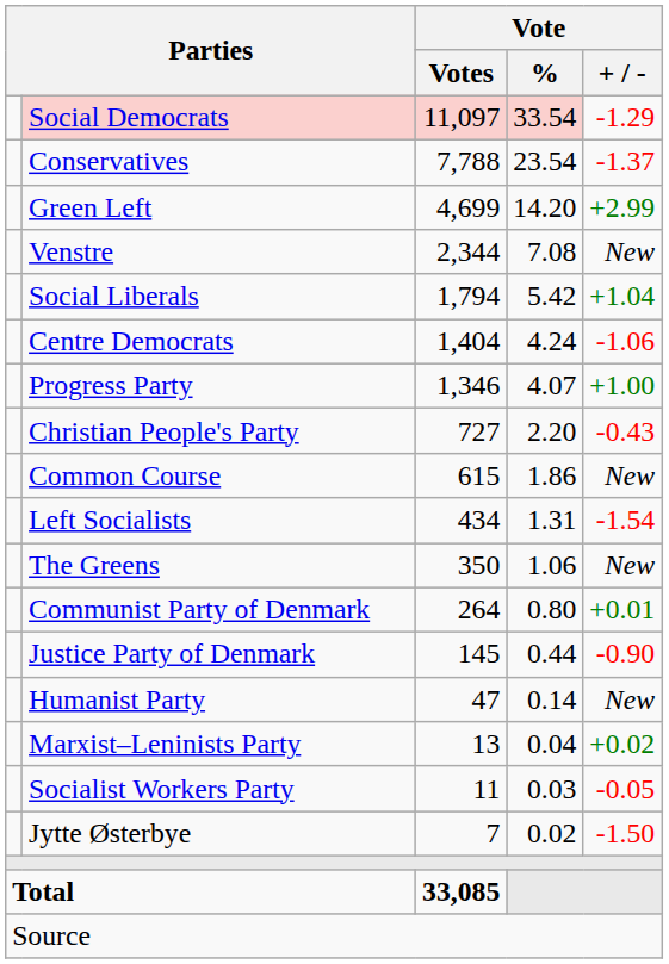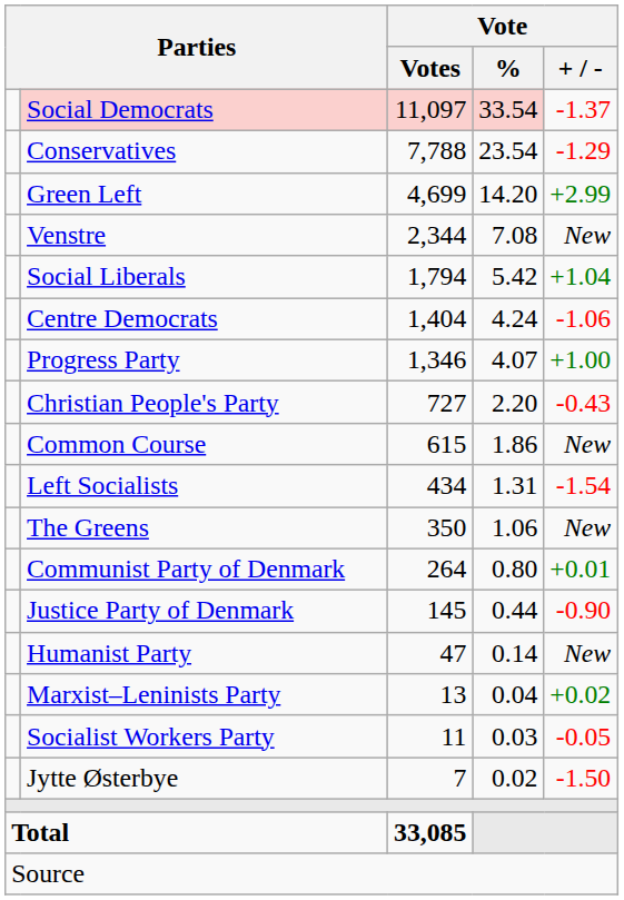 <table class="wikitable" style="text-align:right;">
 <tr>
 <th style="text-align:centre;" rowspan="2" colspan="2" width="225">Parties</th>
 <th colspan="3">Vote</th>
 </tr>
 <tr>
 <th width="15">Votes</th>
 <th width="15">%</th>
 <th width="15">+ / -</th>
 </tr>
 <tr>
 <td width="2" style="color:inherit;background:"></td>
 <td bgcolor=#fbd0ce  align="left"><a href='#'>Social Democrats</a></td>
 <td bgcolor=#fbd0ce>11,097</td>
 <td bgcolor=#fbd0ce>33.54</td>
-<td style=color:red;>-1.29</td>
+<td style=color:red;>-1.37</td>
 </tr>
 <tr>
 <td width="2" style="color:inherit;background:"></td>
 <td align="left"><a href='#'>Conservatives</a></td>
 <td>7,788</td>
 <td>23.54</td>
-<td style=color:red;>-1.37</td>
+<td style=color:red;>-1.29</td>
 </tr>
 <tr>
 <td width="2" style="color:inherit;background:"></td>
 <td align="left"><a href='#'>Green Left</a></td>
 <td>4,699</td>
 <td>14.20</td>
 <td style=color:green;>+2.99</td>
 </tr>
 <tr>
 <td width="2" style="color:inherit;background:"></td>
 <td align="left"><a href='#'>Venstre</a></td>
 <td>2,344</td>
 <td>7.08</td>
 <td><em>New</em></td>
 </tr>
 <tr>
 <td width="2" style="color:inherit;background:"></td>
 <td align="left"><a href='#'>Social Liberals</a></td>
 <td>1,794</td>
 <td>5.42</td>
 <td style=color:green;>+1.04</td>
 </tr>
 <tr>
 <td width="2" style="color:inherit;background:"></td>
 <td align="left"><a href='#'>Centre Democrats</a></td>
 <td>1,404</td>
 <td>4.24</td>
 <td style=color:red;>-1.06</td>
 </tr>
 <tr>
 <td width="2" style="color:inherit;background:"></td>
 <td align="left"><a href='#'>Progress Party</a></td>
 <td>1,346</td>
 <td>4.07</td>
 <td style=color:green;>+1.00</td>
 </tr>
 <tr>
 <td width="2" style="color:inherit;background:"></td>
 <td align="left"><a href='#'>Christian People's Party</a></td>
 <td>727</td>
 <td>2.20</td>
 <td style=color:red;>-0.43</td>
 </tr>
 <tr>
 <td width="2" style="color:inherit;background:"></td>
 <td align="left"><a href='#'>Common Course</a></td>
 <td>615</td>
 <td>1.86</td>
 <td><em>New</em></td>
 </tr>
 <tr>
 <td width="2" style="color:inherit;background:"></td>
 <td align="left"><a href='#'>Left Socialists</a></td>
 <td>434</td>
 <td>1.31</td>
 <td style=color:red;>-1.54</td>
 </tr>
 <tr>
 <td width="2" style="color:inherit;background:"></td>
 <td align="left"><a href='#'>The Greens</a></td>
 <td>350</td>
 <td>1.06</td>
 <td><em>New</em></td>
 </tr>
 <tr>
 <td width="2" style="color:inherit;background:"></td>
 <td align="left"><a href='#'>Communist Party of Denmark</a></td>
 <td>264</td>
 <td>0.80</td>
 <td style=color:green;>+0.01</td>
 </tr>
 <tr>
 <td width="2" style="color:inherit;background:"></td>
 <td align="left"><a href='#'>Justice Party of Denmark</a></td>
 <td>145</td>
 <td>0.44</td>
 <td style=color:red;>-0.90</td>
 </tr>
 <tr>
 <td width="2" style="color:inherit;background:"></td>
 <td align="left"><a href='#'>Humanist Party</a></td>
 <td>47</td>
 <td>0.14</td>
 <td><em>New</em></td>
 </tr>
 <tr>
 <td width="2" style="color:inherit;background:"></td>
 <td align="left"><a href='#'>Marxist–Leninists Party</a></td>
 <td>13</td>
 <td>0.04</td>
 <td style=color:green;>+0.02</td>
 </tr>
 <tr>
 <td width="2" style="color:inherit;background:"></td>
 <td align="left"><a href='#'>Socialist Workers Party</a></td>
 <td>11</td>
 <td>0.03</td>
 <td style=color:red;>-0.05</td>
 </tr>
 <tr>
 <td width="2" style="color:inherit;background:"></td>
 <td align="left">Jytte Østerbye</td>
 <td>7</td>
 <td>0.02</td>
 <td style=color:red;>-1.50</td>
 </tr>
 <tr>
 <td colspan="7" bgcolor="#E9E9E9"></td>
 </tr>
 <tr>
 <td align="left" colspan="2"><strong>Total</strong></td>
 <td><strong>33,085</strong></td>
 <td bgcolor="#E9E9E9" colspan="2"></td>
 </tr>
 <tr>
 <td align="left" colspan="6">Source</td>
 </tr>
 </table>
